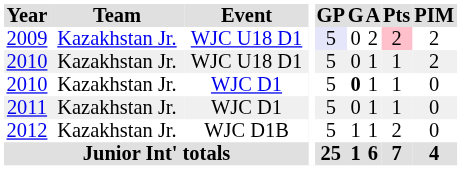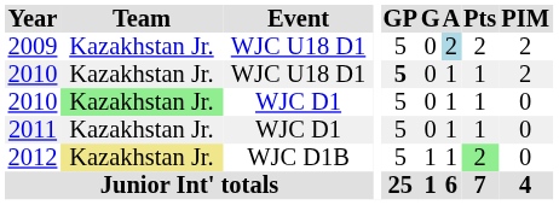 <table BORDER="0" CELLPADDING="0" CELLSPACING="0" width="40%">
 <tr ALIGN="center" bgcolor="#e0e0e0">
 <th>Year</th>
 <th>Team</th>
 <th>Event</th>
 <th ALIGN="center" rowspan="99" bgcolor="#ffffff"> </th>
 <th>GP</th>
 <th>G</th>
 <th>A</th>
 <th>Pts</th>
 <th>PIM</th>
 </tr>
 <tr ALIGN="center">
 <td><a href='#'>2009</a></td>
 <td><a href='#'>Kazakhstan Jr.</a></td>
 <td><a href='#'>WJC U18 D1</a></td>
-<td style="background: lavender;">5</td>
+<td>5</td>
 <td>0</td>
+<td style="background: lightblue;">2</td>
 <td>2</td>
-<td style="background: pink;">2</td>
 <td>2</td>
 </tr>
 <tr ALIGN="center" bgcolor="#f0f0f0">
 <td><a href='#'>2010</a></td>
 <td>Kazakhstan Jr.</td>
 <td>WJC U18 D1</td>
-<td>5</td>
+<td><strong>5</strong></td>
 <td>0</td>
 <td>1</td>
 <td>1</td>
 <td>2</td>
 </tr>
 <tr ALIGN="center">
 <td><a href='#'>2010</a></td>
-<td>Kazakhstan Jr.</td>
+<td style="background: lightgreen;">Kazakhstan Jr.</td>
 <td><a href='#'>WJC D1</a></td>
 <td>5</td>
-<td><strong>0</strong></td>
+<td>0</td>
 <td>1</td>
 <td>1</td>
 <td>0</td>
 </tr>
 <tr ALIGN="center" bgcolor="#f0f0f0">
 <td><a href='#'>2011</a></td>
 <td>Kazakhstan Jr.</td>
 <td>WJC D1</td>
 <td>5</td>
 <td>0</td>
 <td>1</td>
 <td>1</td>
 <td>0</td>
 </tr>
 <tr ALIGN="center">
 <td><a href='#'>2012</a></td>
-<td>Kazakhstan Jr.</td>
+<td style="background: khaki;">Kazakhstan Jr.</td>
 <td>WJC D1B</td>
 <td>5</td>
 <td>1</td>
 <td>1</td>
-<td>2</td>
+<td style="background: lightgreen;">2</td>
 <td>0</td>
 </tr>
 <tr style="text-align:center; background:#e0e0e0;">
 <th colspan=3>Junior Int' totals</th>
 <th>25</th>
 <th>1</th>
 <th>6</th>
 <th>7</th>
 <th>4</th>
 </tr>
 </table>
